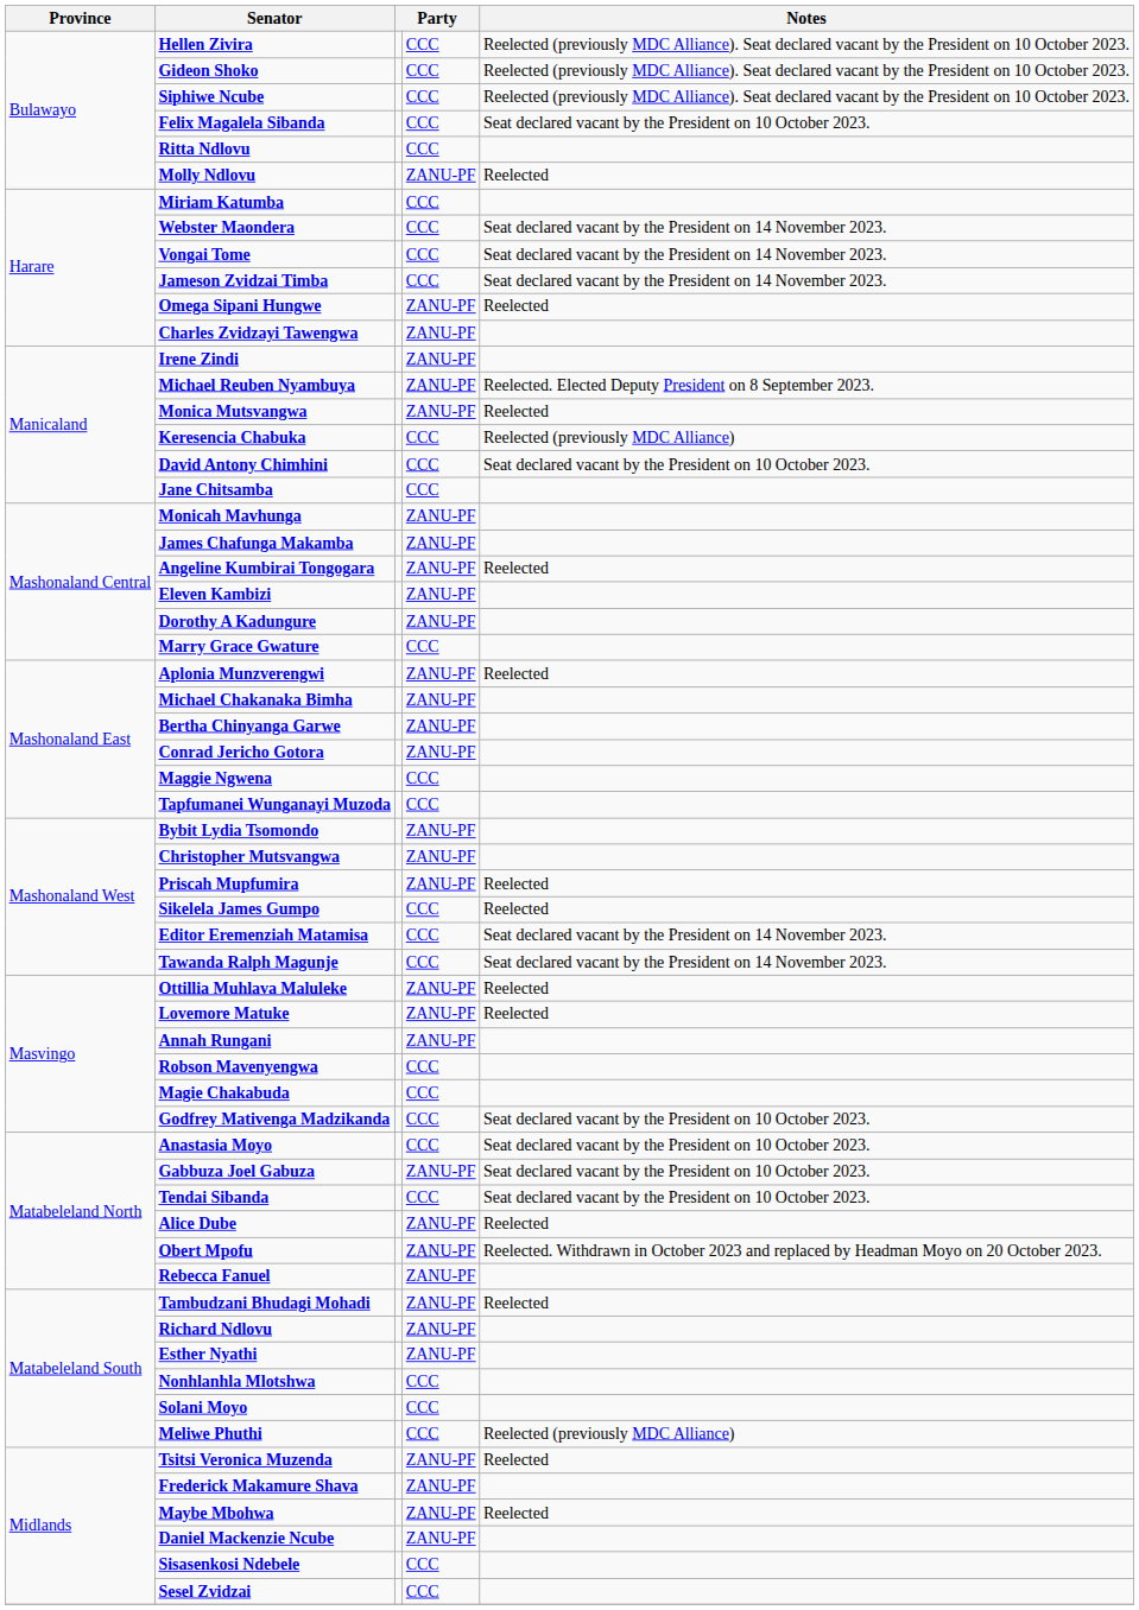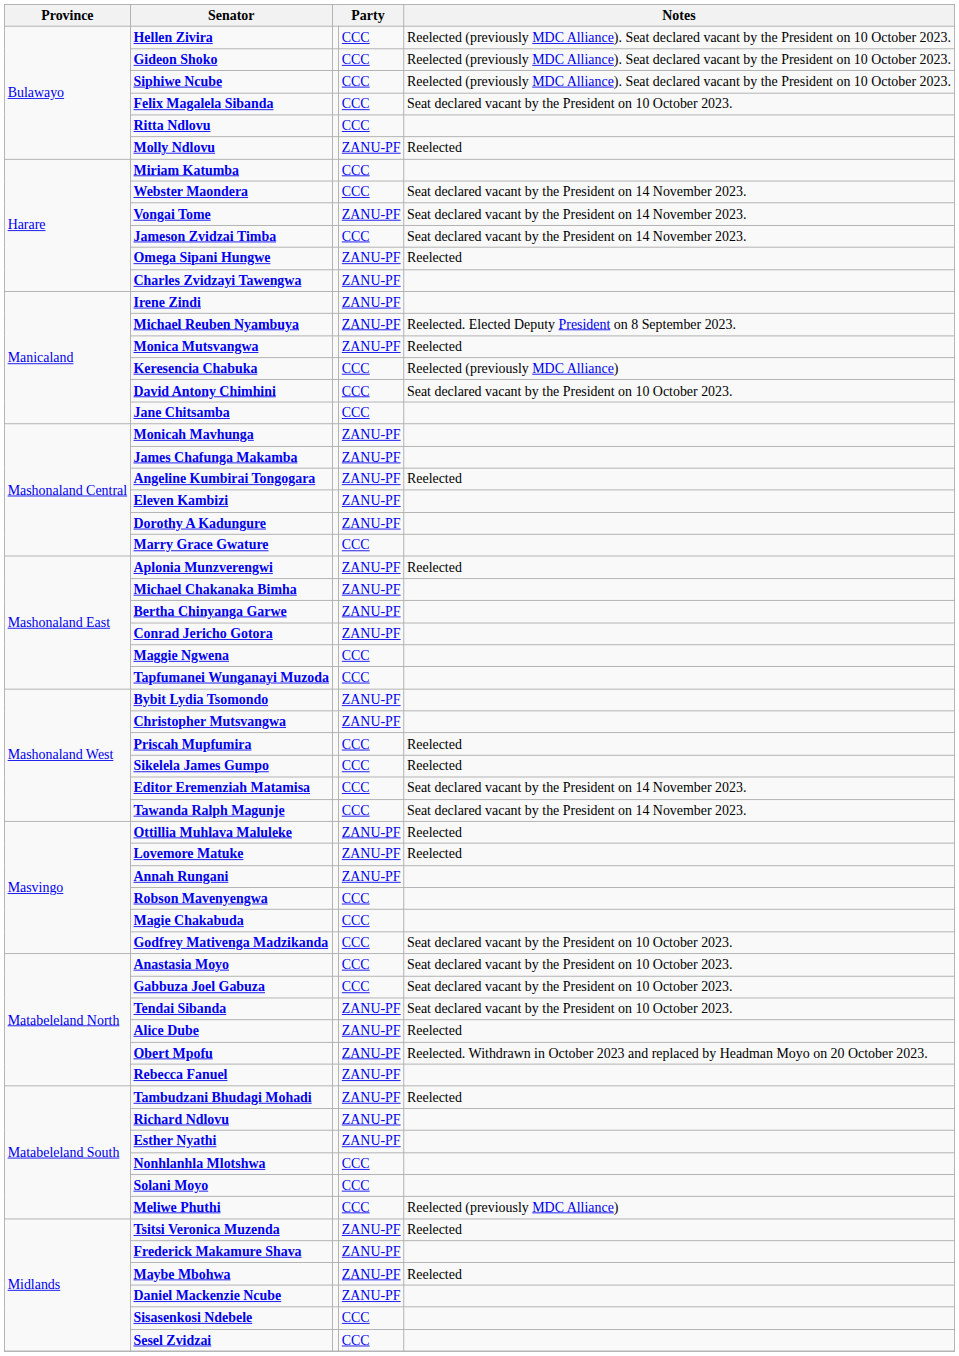 <table class="wikitable sortable" id="senate-members">
 <tr>
 <th>Province</th>
 <th><strong>Senator</strong></th>
 <th colspan="2">Party</th>
 <th>Notes</th>
 </tr>
 <tr>
 <td rowspan="6"><a href='#'>Bulawayo</a></td>
 <td data-sort-value="Zivira Hellen"><strong><a href='#'>Hellen Zivira</a></strong></td>
 <td style="background-color: "></td>
 <td><a href='#'>CCC</a></td>
 <td>Reelected (previously <a href='#'>MDC Alliance</a>). Seat declared vacant by the President on 10 October 2023.</td>
 </tr>
 <tr>
 <td data-sort-value="Shoko Gideon"><strong><a href='#'>Gideon Shoko</a></strong></td>
 <td style="background-color: "></td>
 <td><a href='#'>CCC</a></td>
 <td>Reelected (previously <a href='#'>MDC Alliance</a>). Seat declared vacant by the President on 10 October 2023.</td>
 </tr>
 <tr>
 <td data-sort-value="Ncube Siphiwe"><strong><a href='#'>Siphiwe Ncube</a></strong></td>
 <td style="background-color: "></td>
 <td><a href='#'>CCC</a></td>
 <td>Reelected (previously <a href='#'>MDC Alliance</a>). Seat declared vacant by the President on 10 October 2023.</td>
 </tr>
 <tr>
 <td data-sort-value="Sibanda Felix Magalela"><strong><a href='#'>Felix Magalela Sibanda</a></strong></td>
 <td style="background-color: "></td>
 <td><a href='#'>CCC</a></td>
 <td>Seat declared vacant by the President on 10 October 2023.</td>
 </tr>
 <tr>
 <td data-sort-value="Ndlovu Ritta"><strong><a href='#'>Ritta Ndlovu</a></strong></td>
 <td style="background-color: "></td>
 <td><a href='#'>CCC</a></td>
 <td></td>
 </tr>
 <tr>
 <td data-sort-value="Ndlovu Molly"><strong><a href='#'>Molly Ndlovu</a></strong></td>
 <td style="background-color: "></td>
 <td><a href='#'>ZANU-PF</a></td>
 <td>Reelected</td>
 </tr>
 <tr>
 <td rowspan="6"><a href='#'>Harare</a></td>
 <td data-sort-value="Katumba Miriam"><strong><a href='#'>Miriam Katumba</a></strong></td>
 <td style="background-color: "></td>
 <td><a href='#'>CCC</a></td>
 <td></td>
 </tr>
 <tr>
 <td data-sort-value="Maondera Webster"><strong><a href='#'>Webster Maondera</a></strong></td>
 <td style="background-color: "></td>
 <td><a href='#'>CCC</a></td>
 <td>Seat declared vacant by the President on 14 November 2023.</td>
 </tr>
 <tr>
 <td data-sort-value="Tome Vongai"><strong><a href='#'>Vongai Tome</a></strong></td>
 <td style="background-color: "></td>
-<td><a href='#'>CCC</a></td>
+<td><a href='#'>ZANU-PF</a></td>
 <td>Seat declared vacant by the President on 14 November 2023.</td>
 </tr>
 <tr>
 <td data-sort-value="Timba Jameson Zvidzai"><strong><a href='#'>Jameson Zvidzai Timba</a></strong></td>
 <td style="background-color: "></td>
 <td><a href='#'>CCC</a></td>
 <td>Seat declared vacant by the President on 14 November 2023.</td>
 </tr>
 <tr>
 <td data-sort-value="Hungwe Omega Sipani"><strong><a href='#'>Omega Sipani Hungwe</a></strong></td>
 <td style="background-color: "></td>
 <td><a href='#'>ZANU-PF</a></td>
 <td>Reelected</td>
 </tr>
 <tr>
 <td data-sort-value="Tawengwa Charles Zvidzayi"><strong><a href='#'>Charles Zvidzayi Tawengwa</a></strong></td>
 <td style="background-color: "></td>
 <td><a href='#'>ZANU-PF</a></td>
 <td></td>
 </tr>
 <tr>
 <td rowspan="6"><a href='#'>Manicaland</a></td>
 <td data-sort-value="Zindi Irene"><strong><a href='#'>Irene Zindi</a></strong></td>
 <td style="background-color: "></td>
 <td><a href='#'>ZANU-PF</a></td>
 <td></td>
 </tr>
 <tr>
 <td data-sort-value="Nyambuya Michael Reuben"><strong><a href='#'>Michael Reuben Nyambuya</a></strong></td>
 <td style="background-color: "></td>
 <td><a href='#'>ZANU-PF</a></td>
 <td>Reelected. Elected Deputy <a href='#'>President</a> on 8 September 2023.</td>
 </tr>
 <tr>
 <td data-sort-value="Mutsvangwa Monica"><strong><a href='#'>Monica Mutsvangwa</a></strong></td>
 <td style="background-color: "></td>
 <td><a href='#'>ZANU-PF</a></td>
 <td>Reelected</td>
 </tr>
 <tr>
 <td data-sort-value="Chabuka Keresencia"><strong><a href='#'>Keresencia Chabuka</a></strong></td>
 <td style="background-color: "></td>
 <td><a href='#'>CCC</a></td>
 <td>Reelected (previously <a href='#'>MDC Alliance</a>)</td>
 </tr>
 <tr>
 <td data-sort-value="Chimhini David Antony"><strong><a href='#'>David Antony Chimhini</a></strong></td>
 <td style="background-color: "></td>
 <td><a href='#'>CCC</a></td>
 <td>Seat declared vacant by the President on 10 October 2023.</td>
 </tr>
 <tr>
 <td data-sort-value="Chitsamba Jane"><strong><a href='#'>Jane Chitsamba</a></strong></td>
 <td style="background-color: "></td>
 <td><a href='#'>CCC</a></td>
 <td></td>
 </tr>
 <tr>
 <td rowspan="6"><a href='#'>Mashonaland Central</a></td>
 <td data-sort-value="Mavhunga Monicah"><strong><a href='#'>Monicah Mavhunga</a></strong></td>
 <td style="background-color: "></td>
 <td><a href='#'>ZANU-PF</a></td>
 <td></td>
 </tr>
 <tr>
 <td data-sort-value="Makamba James Chafunga"><strong><a href='#'>James Chafunga Makamba</a></strong></td>
 <td style="background-color: "></td>
 <td><a href='#'>ZANU-PF</a></td>
 <td></td>
 </tr>
 <tr>
 <td data-sort-value="Tongogara Angeline Kumbirai"><strong><a href='#'>Angeline Kumbirai Tongogara</a></strong></td>
 <td style="background-color: "></td>
 <td><a href='#'>ZANU-PF</a></td>
 <td>Reelected</td>
 </tr>
 <tr>
 <td data-sort-value="Kambizi Eleven"><strong><a href='#'>Eleven Kambizi</a></strong></td>
 <td style="background-color: "></td>
 <td><a href='#'>ZANU-PF</a></td>
 <td></td>
 </tr>
 <tr>
 <td data-sort-value="Kadungure Dorothy A"><strong><a href='#'>Dorothy A Kadungure</a></strong></td>
 <td style="background-color: "></td>
 <td><a href='#'>ZANU-PF</a></td>
 <td></td>
 </tr>
 <tr>
 <td data-sort-value="Gwature Marry Grace"><strong><a href='#'>Marry Grace Gwature</a></strong></td>
 <td style="background-color: "></td>
 <td><a href='#'>CCC</a></td>
 <td></td>
 </tr>
 <tr>
 <td rowspan="6"><a href='#'>Mashonaland East</a></td>
 <td data-sort-value="Munzverengwi Aplonia"><strong><a href='#'>Aplonia Munzverengwi</a></strong></td>
 <td style="background-color: "></td>
 <td><a href='#'>ZANU-PF</a></td>
 <td>Reelected</td>
 </tr>
 <tr>
 <td data-sort-value="Bimha Michael Chakanaka"><strong><a href='#'>Michael Chakanaka Bimha</a></strong></td>
 <td style="background-color: "></td>
 <td><a href='#'>ZANU-PF</a></td>
 <td></td>
 </tr>
 <tr>
 <td data-sort-value="Garwe Bertha Chinyanga"><strong><a href='#'>Bertha Chinyanga Garwe</a></strong></td>
 <td style="background-color: "></td>
 <td><a href='#'>ZANU-PF</a></td>
 <td></td>
 </tr>
 <tr>
 <td data-sort-value="Gotora Conrad Jericho"><strong><a href='#'>Conrad Jericho Gotora</a></strong></td>
 <td style="background-color: "></td>
 <td><a href='#'>ZANU-PF</a></td>
 <td></td>
 </tr>
 <tr>
 <td data-sort-value="Ngwena Maggie"><strong><a href='#'>Maggie Ngwena</a></strong></td>
 <td style="background-color: "></td>
 <td><a href='#'>CCC</a></td>
 <td></td>
 </tr>
 <tr>
 <td data-sort-value="Muzoda Tapfumanei Wunganayi"><strong><a href='#'>Tapfumanei Wunganayi Muzoda</a></strong></td>
 <td style="background-color: "></td>
 <td><a href='#'>CCC</a></td>
 <td></td>
 </tr>
 <tr>
 <td rowspan="6"><a href='#'>Mashonaland West</a></td>
 <td data-sort-value="Tsomondo Bybit Lydia"><strong><a href='#'>Bybit Lydia Tsomondo</a></strong></td>
 <td style="background-color: "></td>
 <td><a href='#'>ZANU-PF</a></td>
 <td></td>
 </tr>
 <tr>
 <td data-sort-value="Mutsvangwa Christopher"><strong><a href='#'>Christopher Mutsvangwa</a></strong></td>
 <td style="background-color: "></td>
 <td><a href='#'>ZANU-PF</a></td>
 <td></td>
 </tr>
 <tr>
 <td data-sort-value="Mupfumira Priscah"><strong><a href='#'>Priscah Mupfumira</a></strong></td>
 <td style="background-color: "></td>
-<td><a href='#'>ZANU-PF</a></td>
+<td><a href='#'>CCC</a></td>
 <td>Reelected</td>
 </tr>
 <tr>
 <td data-sort-value="Gumpo Sikelela James"><strong><a href='#'>Sikelela James Gumpo</a></strong></td>
 <td style="background-color: "></td>
 <td><a href='#'>CCC</a></td>
 <td>Reelected</td>
 </tr>
 <tr>
 <td data-sort-value="Matamisa Editor Eremenziah"><strong><a href='#'>Editor Eremenziah Matamisa</a></strong></td>
 <td style="background-color: "></td>
 <td><a href='#'>CCC</a></td>
 <td>Seat declared vacant by the President on 14 November 2023.</td>
 </tr>
 <tr>
 <td data-sort-value="Magunje Tawanda Ralph"><strong><a href='#'>Tawanda Ralph Magunje</a></strong></td>
 <td style="background-color: "></td>
 <td><a href='#'>CCC</a></td>
 <td>Seat declared vacant by the President on 14 November 2023.</td>
 </tr>
 <tr>
 <td rowspan="6"><a href='#'>Masvingo</a></td>
 <td data-sort-value="Maluleke Ottillia Muhlava"><strong><a href='#'>Ottillia Muhlava Maluleke</a></strong></td>
 <td style="background-color: "></td>
 <td><a href='#'>ZANU-PF</a></td>
 <td>Reelected</td>
 </tr>
 <tr>
 <td data-sort-value="Matuke Lovemore"><strong><a href='#'>Lovemore Matuke</a></strong></td>
 <td style="background-color: "></td>
 <td><a href='#'>ZANU-PF</a></td>
 <td>Reelected</td>
 </tr>
 <tr>
 <td data-sort-value="Rungani Annah"><strong><a href='#'>Annah Rungani</a></strong></td>
 <td style="background-color: "></td>
 <td><a href='#'>ZANU-PF</a></td>
 <td></td>
 </tr>
 <tr>
 <td data-sort-value="Mavenyengwa Robson"><strong><a href='#'>Robson Mavenyengwa</a></strong></td>
 <td style="background-color: "></td>
 <td><a href='#'>CCC</a></td>
 <td></td>
 </tr>
 <tr>
 <td data-sort-value="Chakabuda Magie"><strong><a href='#'>Magie Chakabuda</a></strong></td>
 <td style="background-color: "></td>
 <td><a href='#'>CCC</a></td>
 <td></td>
 </tr>
 <tr>
 <td data-sort-value="Madzikanda Godfrey Mativenga"><strong><a href='#'>Godfrey Mativenga Madzikanda</a></strong></td>
 <td style="background-color: "></td>
 <td><a href='#'>CCC</a></td>
 <td>Seat declared vacant by the President on 10 October 2023.</td>
 </tr>
 <tr>
 <td rowspan="6"><a href='#'>Matabeleland North</a></td>
 <td data-sort-value="Moyo Anastasia"><strong><a href='#'>Anastasia Moyo</a></strong></td>
 <td style="background-color: "></td>
 <td><a href='#'>CCC</a></td>
 <td>Seat declared vacant by the President on 10 October 2023.</td>
 </tr>
 <tr>
 <td data-sort-value="Gabuza Gabbuza Joel"><strong><a href='#'>Gabbuza Joel Gabuza</a></strong></td>
 <td style="background-color: "></td>
-<td><a href='#'>ZANU-PF</a></td>
+<td><a href='#'>CCC</a></td>
 <td>Seat declared vacant by the President on 10 October 2023.</td>
 </tr>
 <tr>
 <td data-sort-value="Sibanda Tendai"><strong><a href='#'>Tendai Sibanda</a></strong></td>
 <td style="background-color: "></td>
-<td><a href='#'>CCC</a></td>
+<td><a href='#'>ZANU-PF</a></td>
 <td>Seat declared vacant by the President on 10 October 2023.</td>
 </tr>
 <tr>
 <td data-sort-value="Dube Alice"><strong><a href='#'>Alice Dube</a></strong></td>
 <td style="background-color: "></td>
 <td><a href='#'>ZANU-PF</a></td>
 <td>Reelected</td>
 </tr>
 <tr>
 <td data-sort-value="Mpofu Obert"><strong><a href='#'>Obert Mpofu</a></strong></td>
 <td style="background-color: "></td>
 <td><a href='#'>ZANU-PF</a></td>
 <td>Reelected. Withdrawn in October 2023 and replaced by Headman Moyo on 20 October 2023.</td>
 </tr>
 <tr>
 <td data-sort-value="Fanuel Rebecca"><strong><a href='#'>Rebecca Fanuel</a></strong></td>
 <td style="background-color: "></td>
 <td><a href='#'>ZANU-PF</a></td>
 <td></td>
 </tr>
 <tr>
 <td rowspan="6"><a href='#'>Matabeleland South</a></td>
 <td data-sort-value="Mohadi Tambudzani Bhudagi"><strong><a href='#'>Tambudzani Bhudagi Mohadi</a></strong></td>
 <td style="background-color: "></td>
 <td><a href='#'>ZANU-PF</a></td>
 <td>Reelected</td>
 </tr>
 <tr>
 <td data-sort-value="Ndlovu Richard"><strong><a href='#'>Richard Ndlovu</a></strong></td>
 <td style="background-color: "></td>
 <td><a href='#'>ZANU-PF</a></td>
 <td></td>
 </tr>
 <tr>
 <td data-sort-value="Nyathi Esther"><strong><a href='#'>Esther Nyathi</a></strong></td>
 <td style="background-color: "></td>
 <td><a href='#'>ZANU-PF</a></td>
 <td></td>
 </tr>
 <tr>
 <td data-sort-value="Mlotshwa Nonhlanhla"><strong><a href='#'>Nonhlanhla Mlotshwa</a></strong></td>
 <td style="background-color: "></td>
 <td><a href='#'>CCC</a></td>
 <td></td>
 </tr>
 <tr>
 <td data-sort-value="Moyo Solani"><strong><a href='#'>Solani Moyo</a></strong></td>
 <td style="background-color: "></td>
 <td><a href='#'>CCC</a></td>
 <td></td>
 </tr>
 <tr>
 <td data-sort-value="Phuthi Meliwe"><strong><a href='#'>Meliwe Phuthi</a></strong></td>
 <td style="background-color: "></td>
 <td><a href='#'>CCC</a></td>
 <td>Reelected (previously <a href='#'>MDC Alliance</a>)</td>
 </tr>
 <tr>
 <td rowspan="6"><a href='#'>Midlands</a></td>
 <td data-sort-value="Muzenda Tsitsi Veronica"><strong><a href='#'>Tsitsi Veronica Muzenda</a></strong></td>
 <td style="background-color: "></td>
 <td><a href='#'>ZANU-PF</a></td>
 <td>Reelected</td>
 </tr>
 <tr>
 <td data-sort-value="Shava Frederick Makamure"><strong><a href='#'>Frederick Makamure Shava</a></strong></td>
 <td style="background-color: "></td>
 <td><a href='#'>ZANU-PF</a></td>
 <td></td>
 </tr>
 <tr>
 <td data-sort-value="Mbohwa Maybe"><strong><a href='#'>Maybe Mbohwa</a></strong></td>
 <td style="background-color: "></td>
 <td><a href='#'>ZANU-PF</a></td>
 <td>Reelected</td>
 </tr>
 <tr>
 <td data-sort-value="Ncube Daniel Mackenzie"><strong><a href='#'>Daniel Mackenzie Ncube</a></strong></td>
 <td style="background-color: "></td>
 <td><a href='#'>ZANU-PF</a></td>
 <td></td>
 </tr>
 <tr>
 <td data-sort-value="Ndebele Sisasenkosi"><strong><a href='#'>Sisasenkosi Ndebele</a></strong></td>
 <td style="background-color: "></td>
 <td><a href='#'>CCC</a></td>
 <td></td>
 </tr>
 <tr>
 <td data-sort-value="Zvidzai Sesel"><strong><a href='#'>Sesel Zvidzai</a></strong></td>
 <td style="background-color: "></td>
 <td><a href='#'>CCC</a></td>
 <td></td>
 </tr>
 <tr>
 </tr>
 </table>
